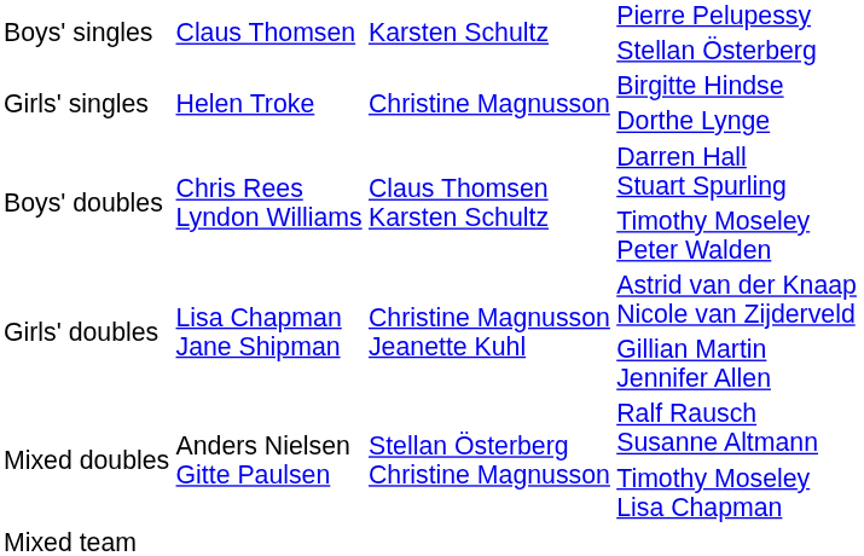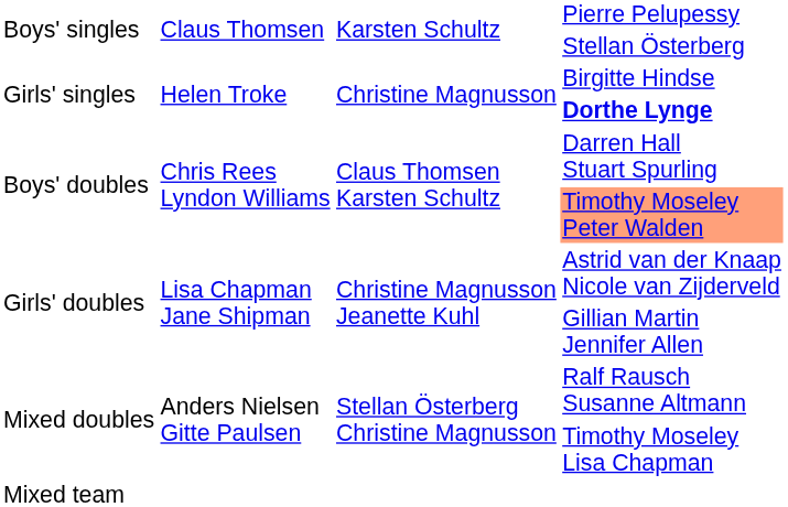 <table>
 <tr>
 <td rowspan=2>Boys' singles</td>
 <td rowspan=2> <a href='#'>Claus Thomsen</a></td>
 <td rowspan=2> <a href='#'>Karsten Schultz</a></td>
 <td> <a href='#'>Pierre Pelupessy</a></td>
 </tr>
 <tr>
 <td> <a href='#'>Stellan Österberg</a></td>
 </tr>
 <tr>
 <td rowspan=2>Girls' singles</td>
 <td rowspan=2> <a href='#'>Helen Troke</a></td>
 <td rowspan=2> <a href='#'>Christine Magnusson</a></td>
 <td> <a href='#'>Birgitte Hindse</a></td>
 </tr>
 <tr>
-<td> <a href='#'>Dorthe Lynge</a></td>
+<td><strong> <a href='#'>Dorthe Lynge</a></strong></td>
 </tr>
 <tr>
 <td rowspan=2>Boys' doubles</td>
 <td rowspan=2> <a href='#'>Chris Rees</a> <br>  <a href='#'>Lyndon Williams</a></td>
 <td rowspan=2> <a href='#'>Claus Thomsen</a> <br>  <a href='#'>Karsten Schultz</a></td>
 <td> <a href='#'>Darren Hall</a> <br>  <a href='#'>Stuart Spurling</a></td>
 </tr>
 <tr>
-<td> <a href='#'>Timothy Moseley</a> <br>  <a href='#'>Peter Walden</a></td>
+<td style="background: lightsalmon;"> <a href='#'>Timothy Moseley</a> <br>  <a href='#'>Peter Walden</a></td>
 </tr>
 <tr>
 <td rowspan=2>Girls' doubles</td>
 <td rowspan=2> <a href='#'>Lisa Chapman</a> <br>  <a href='#'>Jane Shipman</a></td>
 <td rowspan=2> <a href='#'>Christine Magnusson</a> <br>  <a href='#'>Jeanette Kuhl</a></td>
 <td> <a href='#'>Astrid van der Knaap</a> <br>  <a href='#'>Nicole van Zijderveld</a></td>
 </tr>
 <tr>
 <td> <a href='#'>Gillian Martin</a> <br>  <a href='#'>Jennifer Allen</a></td>
 </tr>
 <tr>
 <td rowspan=2>Mixed doubles</td>
 <td rowspan=2> Anders Nielsen <br>  <a href='#'>Gitte Paulsen</a></td>
 <td rowspan=2> <a href='#'>Stellan Österberg</a> <br>  <a href='#'>Christine Magnusson</a></td>
 <td> <a href='#'>Ralf Rausch</a> <br>  <a href='#'>Susanne Altmann</a></td>
 </tr>
 <tr>
 <td> <a href='#'>Timothy Moseley</a> <br>  <a href='#'>Lisa Chapman</a></td>
 </tr>
 <tr>
 <td>Mixed team</td>
 <td></td>
 <td></td>
 <td></td>
 </tr>
 </table>
